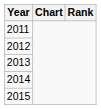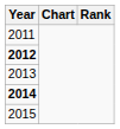 <table class="wikitable sortable">
 <tr>
 <th>Year</th>
 <th>Chart</th>
 <th>Rank</th>
 </tr>
 <tr>
 <td>2011<br></td>
 </tr>
 <tr>
-<td>2012<br></td>
+<td><strong>2012<br></strong></td>
 </tr>
 <tr>
 <td>2013<br></td>
 </tr>
 <tr>
-<td>2014<br></td>
+<td><strong>2014<br></strong></td>
 </tr>
 <tr>
 <td>2015<br></td>
 </tr>
 </table>
